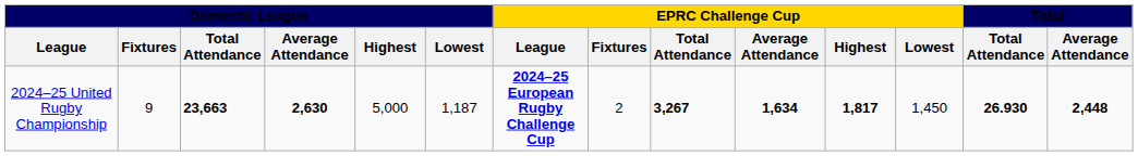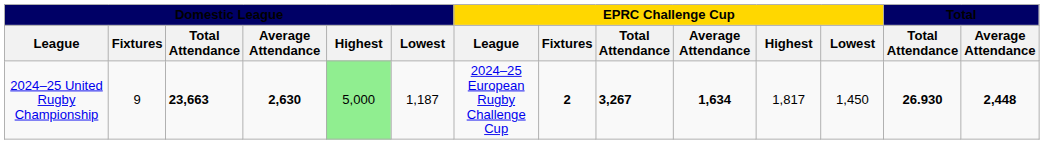 <table class="wikitable sortable" style="font-size:90%; width:90%;">
 <tr>
 <td colspan="6" class="wikitable sortable" style="width:45%; background:#000066; text-align:center;"><span><strong>Domestic League</strong></span></td>
 <td colspan="6" class="wikitable sortable" style="width:45%; background:gold; text-align:center;"><span><strong>EPRC Challenge Cup</strong></span></td>
 <td colspan="2" class="wikitable sortable" style="width:45%; background:#000066; text-align:center;"><span><strong>Total</strong></span></td>
 </tr>
 <tr>
 <th style="width:15%;">League</th>
 <th style="width:5%;">Fixtures</th>
 <th>Total Attendance</th>
 <th style="width:10%;">Average Attendance</th>
 <th style="width:10%;">Highest</th>
 <th style="width:10%;">Lowest</th>
 <th style="width:15%;">League</th>
 <th style="width:5%;">Fixtures</th>
 <th>Total Attendance</th>
 <th style="width:10%;">Average Attendance</th>
 <th style="width:10%;">Highest</th>
 <th style="width:10%;">Lowest</th>
 <th style="width:10%;">Total Attendance</th>
 <th style="width:10%;"><strong>Average Attendance</strong></th>
 </tr>
 <tr>
 <td align="center"><a href='#'>2024–25 United Rugby Championship</a></td>
 <td align="center">9</td>
 <td><strong>23,663</strong></td>
 <td align="center"><strong>2,630</strong></td>
-<td align="center">5,000</td>
+<td align="center" style="background: lightgreen;">5,000</td>
 <td align="center">1,187</td>
-<td align="center"><strong><a href='#'>2024–25 European Rugby Challenge Cup</a></strong></td>
-<td align="center">2</td>
+<td align="center"><a href='#'>2024–25 European Rugby Challenge Cup</a></td>
+<td align="center"><strong>2</strong></td>
 <td><strong>3,267</strong></td>
 <td align="center"><strong>1,634</strong></td>
-<td align="center"><strong>1,817</strong></td>
+<td align="center">1,817</td>
 <td align="center">1,450</td>
 <td align="center"><strong>26.930</strong></td>
 <td align="center"><strong>2,448</strong></td>
 </tr>
 </table>
